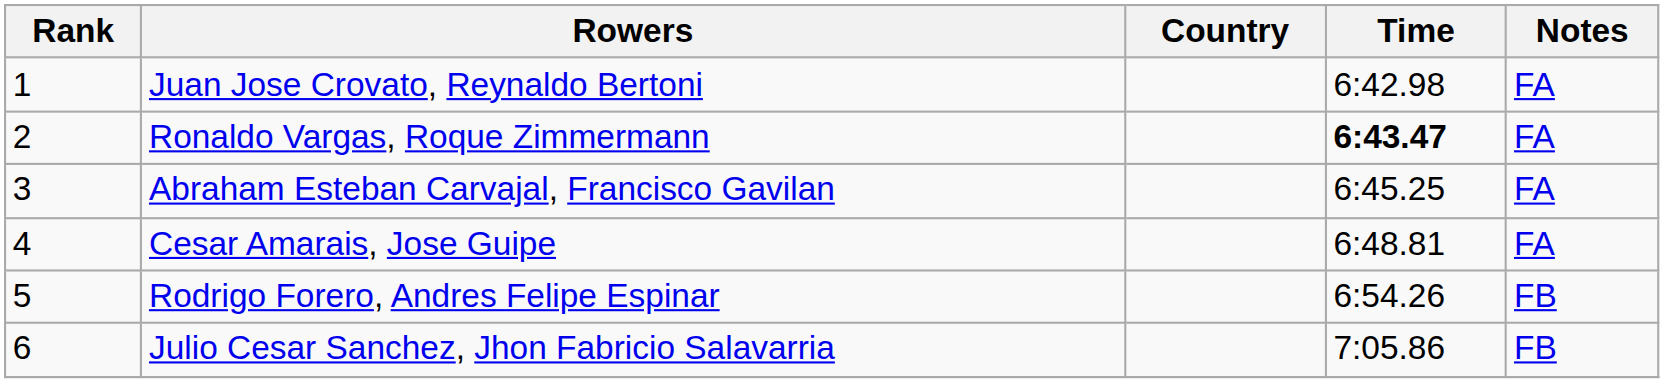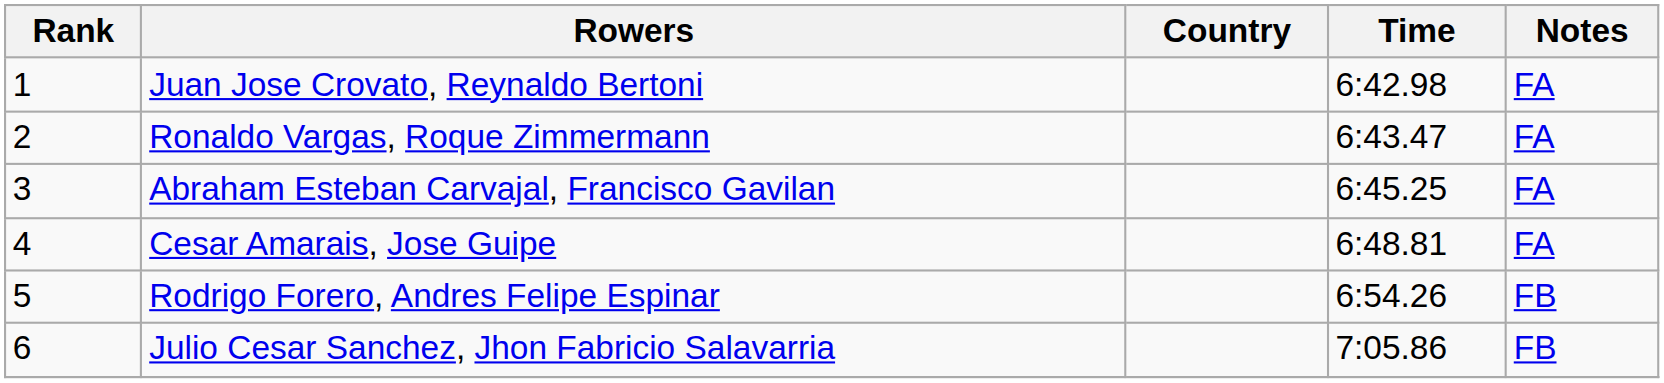 <table class="wikitable" width=50%>
 <tr>
 <th>Rank</th>
 <th>Rowers</th>
 <th>Country</th>
 <th>Time</th>
 <th>Notes</th>
 </tr>
 <tr>
 <td>1</td>
 <td><a href='#'>Juan Jose Crovato</a>, <a href='#'>Reynaldo Bertoni</a></td>
 <td></td>
 <td>6:42.98</td>
 <td><a href='#'>FA</a></td>
 </tr>
 <tr>
 <td>2</td>
 <td><a href='#'>Ronaldo Vargas</a>, <a href='#'>Roque Zimmermann</a></td>
 <td></td>
-<td><strong>6:43.47</strong></td>
+<td>6:43.47</td>
 <td><a href='#'>FA</a></td>
 </tr>
 <tr>
 <td>3</td>
 <td><a href='#'>Abraham Esteban Carvajal</a>, <a href='#'>Francisco Gavilan</a></td>
 <td></td>
 <td>6:45.25</td>
 <td><a href='#'>FA</a></td>
 </tr>
 <tr>
 <td>4</td>
 <td><a href='#'>Cesar Amarais</a>, <a href='#'>Jose Guipe</a></td>
 <td></td>
 <td>6:48.81</td>
 <td><a href='#'>FA</a></td>
 </tr>
 <tr>
 <td>5</td>
 <td><a href='#'>Rodrigo Forero</a>, <a href='#'>Andres Felipe Espinar</a></td>
 <td></td>
 <td>6:54.26</td>
 <td><a href='#'>FB</a></td>
 </tr>
 <tr>
 <td>6</td>
 <td><a href='#'>Julio Cesar Sanchez</a>, <a href='#'>Jhon Fabricio Salavarria</a></td>
 <td></td>
 <td>7:05.86</td>
 <td><a href='#'>FB</a></td>
 </tr>
 <tr>
 </tr>
 </table>
